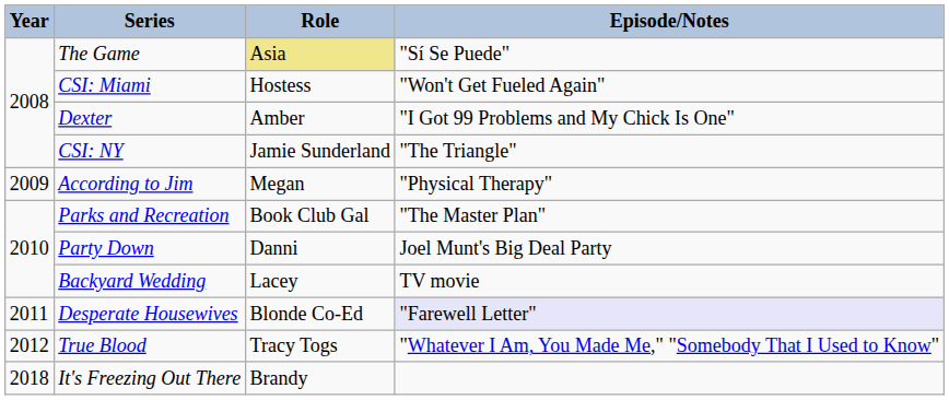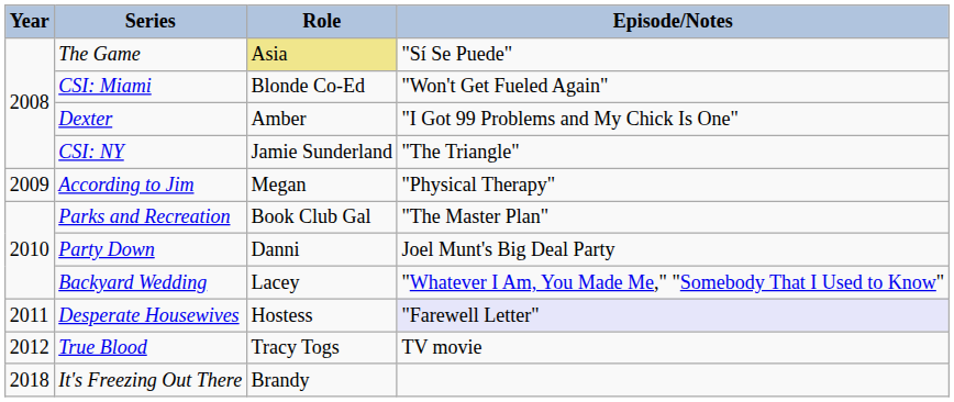 <table class="wikitable" style="font-size:90%;">
 <tr>
 <th style="background:#B0C4DE;">Year</th>
 <th style="background:#B0C4DE;">Series</th>
 <th style="background:#B0C4DE;">Role</th>
 <th style="background:#B0C4DE;">Episode/Notes</th>
 </tr>
 <tr>
 <td rowspan="4">2008</td>
 <td><em>The Game</em></td>
 <td style="background: khaki;">Asia</td>
 <td>"Sí Se Puede"</td>
 </tr>
 <tr>
 <td><em><a href='#'>CSI: Miami</a></em></td>
-<td>Hostess</td>
+<td>Blonde Co-Ed</td>
 <td>"Won't Get Fueled Again"</td>
 </tr>
 <tr>
 <td><em><a href='#'>Dexter</a></em></td>
 <td>Amber</td>
 <td>"I Got 99 Problems and My Chick Is One"</td>
 </tr>
 <tr>
 <td><em><a href='#'>CSI: NY</a></em></td>
 <td>Jamie Sunderland</td>
 <td>"The Triangle"</td>
 </tr>
 <tr>
 <td rowspan="1">2009</td>
 <td><em><a href='#'>According to Jim</a></em></td>
 <td>Megan</td>
 <td>"Physical Therapy"</td>
 </tr>
 <tr>
 <td rowspan="3">2010</td>
 <td><em><a href='#'>Parks and Recreation</a></em></td>
 <td>Book Club Gal</td>
 <td>"The Master Plan"</td>
 </tr>
 <tr>
 <td><em><a href='#'>Party Down</a></em></td>
 <td>Danni</td>
 <td>Joel Munt's Big Deal Party</td>
 </tr>
 <tr>
 <td><em><a href='#'>Backyard Wedding</a></em></td>
 <td>Lacey</td>
-<td>TV movie</td>
+<td>"<a href='#'>Whatever I Am, You Made Me</a>," "<a href='#'>Somebody That I Used to Know</a>"</td>
 </tr>
 <tr>
 <td rowspan="1">2011</td>
 <td><em><a href='#'>Desperate Housewives</a></em></td>
-<td>Blonde Co-Ed</td>
+<td>Hostess</td>
 <td style="background: lavender;">"Farewell Letter"</td>
 </tr>
 <tr>
 <td rowspan="1">2012</td>
 <td><em><a href='#'>True Blood</a></em></td>
 <td>Tracy Togs</td>
-<td>"<a href='#'>Whatever I Am, You Made Me</a>," "<a href='#'>Somebody That I Used to Know</a>"</td>
+<td>TV movie</td>
 </tr>
 <tr>
 <td>2018</td>
 <td><em>It's Freezing Out There</em></td>
 <td>Brandy</td>
 <td></td>
 </tr>
 </table>
